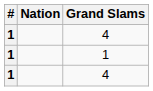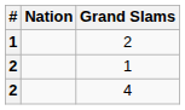 <table class="wikitable sortable" style="text-align: center;">
 <tr>
 <th>#</th>
 <th>Nation</th>
 <th>Grand Slams</th>
 </tr>
 <tr>
 <th>1</th>
 <td></td>
-<td>4</td>
+<td>2</td>
 </tr>
 <tr>
-<th>1</th>
+<th>2</th>
 <td></td>
 <td>1</td>
 </tr>
 <tr>
-<th>1</th>
+<th>2</th>
 <td></td>
 <td>4</td>
 </tr>
 </table>
